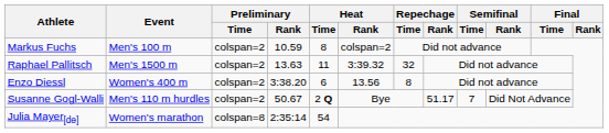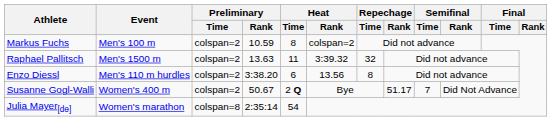 <table class="wikitable" style="font-size:90%">
 <tr>
 <th rowspan=2>Athlete</th>
 <th rowspan=2>Event</th>
 <th colspan=2>Preliminary</th>
 <th colspan=2>Heat</th>
 <th colspan=2>Repechage</th>
 <th colspan=2>Semifinal</th>
 <th colspan=2>Final</th>
 </tr>
 <tr style=font-size:95%>
 <th>Time</th>
 <th>Rank</th>
 <th>Time</th>
 <th>Rank</th>
 <th>Time</th>
 <th>Rank</th>
 <th>Time</th>
 <th>Rank</th>
 <th>Time</th>
 <th>Rank</th>
 </tr>
 <tr align=center>
 <td align=left><a href='#'>Markus Fuchs</a></td>
 <td align=left><a href='#'>Men's 100 m</a></td>
 <td>colspan=2 </td>
 <td>10.59</td>
 <td>8</td>
 <td>colspan=2 </td>
 <td colspan=4>Did not advance</td>
 </tr>
 <tr align=center>
 <td align=left><a href='#'>Raphael Pallitsch</a></td>
 <td align=left><a href='#'>Men's 1500 m</a></td>
 <td>colspan=2 </td>
 <td>13.63</td>
 <td>11</td>
 <td>3:39.32</td>
 <td>32</td>
 <td colspan=4>Did not advance</td>
 </tr>
 <tr align=center>
 <td align=left><a href='#'>Enzo Diessl</a></td>
-<td align=left><a href='#'>Women's 400 m</a></td>
+<td align=left><a href='#'>Men's 110 m hurdles</a></td>
 <td>colspan=2 </td>
 <td>3:38.20</td>
 <td>6</td>
 <td>13.56</td>
 <td>8</td>
 <td colspan=4>Did not advance</td>
 </tr>
 <tr align=center>
 <td align=left><a href='#'>Susanne Gogl-Walli</a></td>
-<td align=left><a href='#'>Men's 110 m hurdles</a></td>
+<td align=left><a href='#'>Women's 400 m</a></td>
 <td>colspan=2 </td>
 <td>50.67 <strong></strong></td>
 <td>2 <strong>Q</strong></td>
 <td colspan=2>Bye</td>
 <td>51.17</td>
 <td>7</td>
 <td colspan=2>Did Not Advance</td>
 </tr>
 <tr align=center>
 <td align=left><a href='#'>Julia Mayer</a><a href='#'><sub>[de]</sub></a></td>
 <td align=left><a href='#'>Women's marathon</a></td>
 <td>colspan=8 </td>
 <td>2:35:14</td>
 <td>54</td>
 </tr>
 </table>
